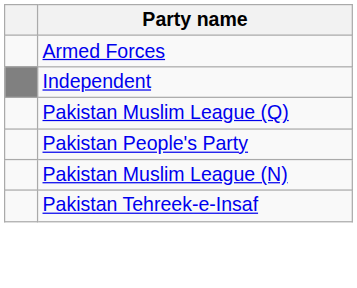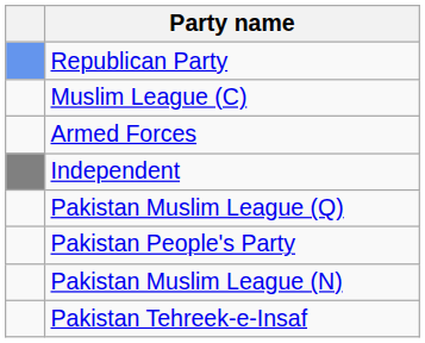 <table class="wikitable plainrowheaders" border="1">
 <tr>
 <th scope="col" style="width:20px"></th>
 <th scope="col" style="width:250px">Party name</th>
+</tr>
+<tr>
+<td align=center style="background-color: #6495ED"></td>
+<td><a href='#'>Republican Party</a></td>
+</tr>
+<tr>
+<td align=center style="background-color:"></td>
+<td><a href='#'>Muslim League (C)</a></td>
 </tr>
 <tr>
 <td align=center style="background-color:"></td>
 <td><a href='#'>Armed Forces</a></td>
 </tr>
 <tr>
 <td align=center style="background-color:gray"></td>
 <td><a href='#'>Independent</a></td>
 </tr>
 <tr>
 <td align=center style="background-color:"></td>
 <td><a href='#'>Pakistan Muslim League (Q)</a></td>
 </tr>
 <tr>
 <td align=center style="background-color:"></td>
 <td><a href='#'>Pakistan People's Party</a></td>
 </tr>
 <tr>
 <td align=center style="background-color:"></td>
 <td><a href='#'>Pakistan Muslim League (N)</a></td>
 </tr>
 <tr>
 <td align=center style="background-color:"></td>
 <td><a href='#'>Pakistan Tehreek-e-Insaf</a></td>
 </tr>
 </table>
